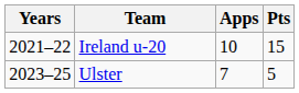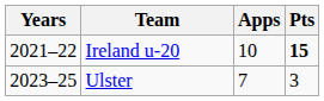 <table class="wikitable" style="text-align:left;">
 <tr>
 <th>Years</th>
 <th width=120px>Team</th>
 <th>Apps</th>
 <th>Pts</th>
 </tr>
 <tr>
 <td>2021–22</td>
 <td><a href='#'>Ireland u-20</a></td>
 <td>10</td>
-<td>15</td>
+<td><strong>15</strong></td>
 </tr>
 <tr>
 <td>2023–25</td>
 <td><a href='#'>Ulster</a></td>
 <td>7</td>
-<td>5</td>
+<td>3</td>
 </tr>
 </table>
